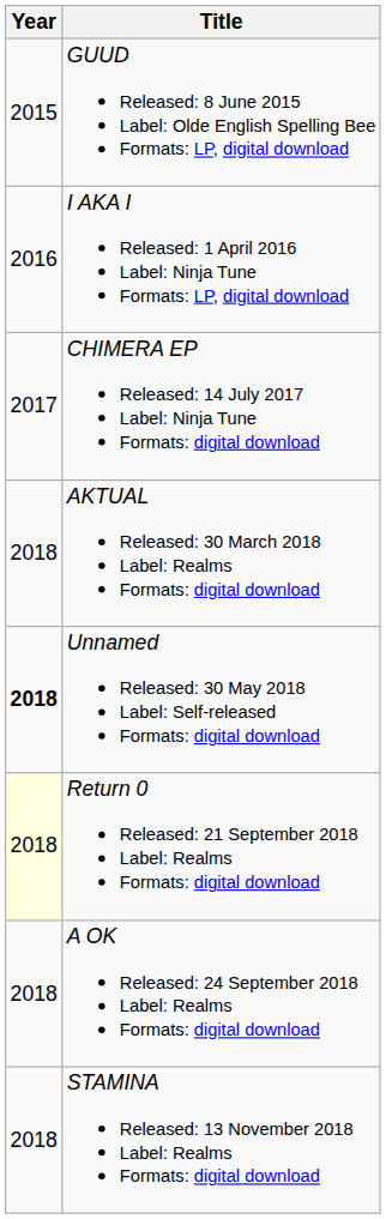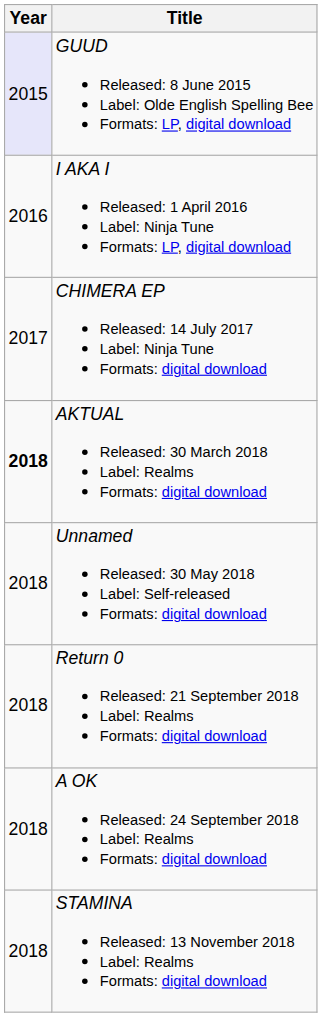 <table class="wikitable">
 <tr>
 <th>Year</th>
 <th>Title</th>
 </tr>
 <tr>
-<td>2015</td>
+<td style="background: lavender;">2015</td>
 <td><em>GUUD</em><br><ul><li><small>Released: 8 June 2015</small></li><li><small>Label: Olde English Spelling Bee</small></li><li><small>Formats: <a href='#'>LP</a>, <a href='#'>digital download</a></small></li></ul></td>
 </tr>
 <tr>
 <td>2016</td>
 <td><em>I AKA I</em><br><ul><li><small>Released: 1 April 2016</small></li><li><small>Label: Ninja Tune</small></li><li><small>Formats: <a href='#'>LP</a>, <a href='#'>digital download</a></small></li></ul></td>
 </tr>
 <tr>
 <td>2017</td>
 <td><em>CHIMERA EP</em><br><ul><li><small>Released: 14 July 2017</small></li><li><small>Label: Ninja Tune</small></li><li><small>Formats: <a href='#'>digital download</a></small></li></ul></td>
 </tr>
 <tr>
-<td>2018</td>
+<td><strong>2018</strong></td>
 <td><em>AKTUAL</em><br><ul><li><small>Released: 30 March 2018</small></li><li><small>Label: Realms</small></li><li><small>Formats: <a href='#'>digital download</a></small></li></ul></td>
 </tr>
 <tr>
-<td><strong>2018</strong></td>
+<td>2018</td>
 <td><em>Unnamed</em><br><ul><li><small>Released: 30 May 2018</small></li><li><small>Label: Self-released</small></li><li><small>Formats: <a href='#'>digital download</a></small></li></ul></td>
 </tr>
 <tr>
-<td style="background: lightyellow;">2018</td>
+<td>2018</td>
 <td><em>Return 0</em><br><ul><li><small>Released: 21 September 2018</small></li><li><small>Label: Realms</small></li><li><small>Formats: <a href='#'>digital download</a></small></li></ul></td>
 </tr>
 <tr>
 <td>2018</td>
 <td><em>A OK</em><br><ul><li><small>Released: 24 September 2018</small></li><li><small>Label: Realms</small></li><li><small>Formats: <a href='#'>digital download</a></small></li></ul></td>
 </tr>
 <tr>
 <td>2018</td>
 <td><em>STAMINA</em><br><ul><li><small>Released: 13 November 2018</small></li><li><small>Label: Realms</small></li><li><small>Formats: <a href='#'>digital download</a></small></li></ul></td>
 </tr>
 </table>
